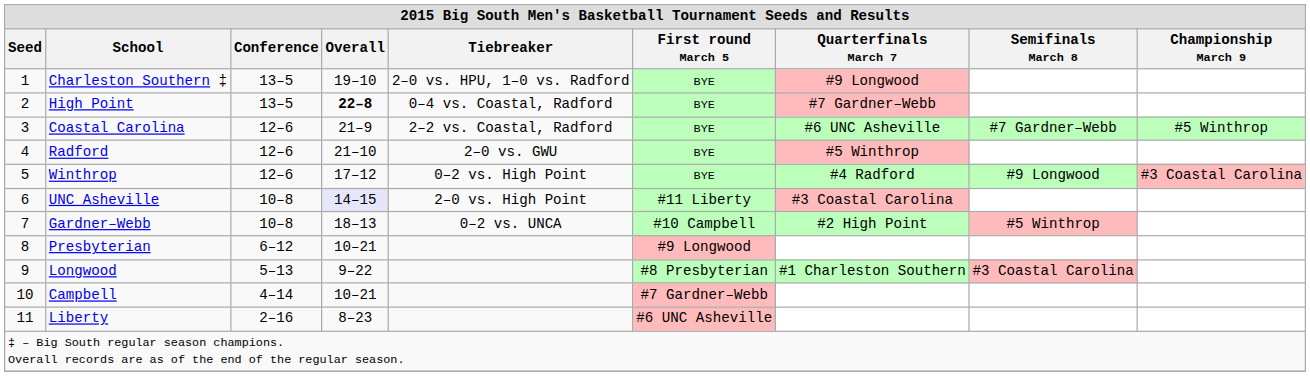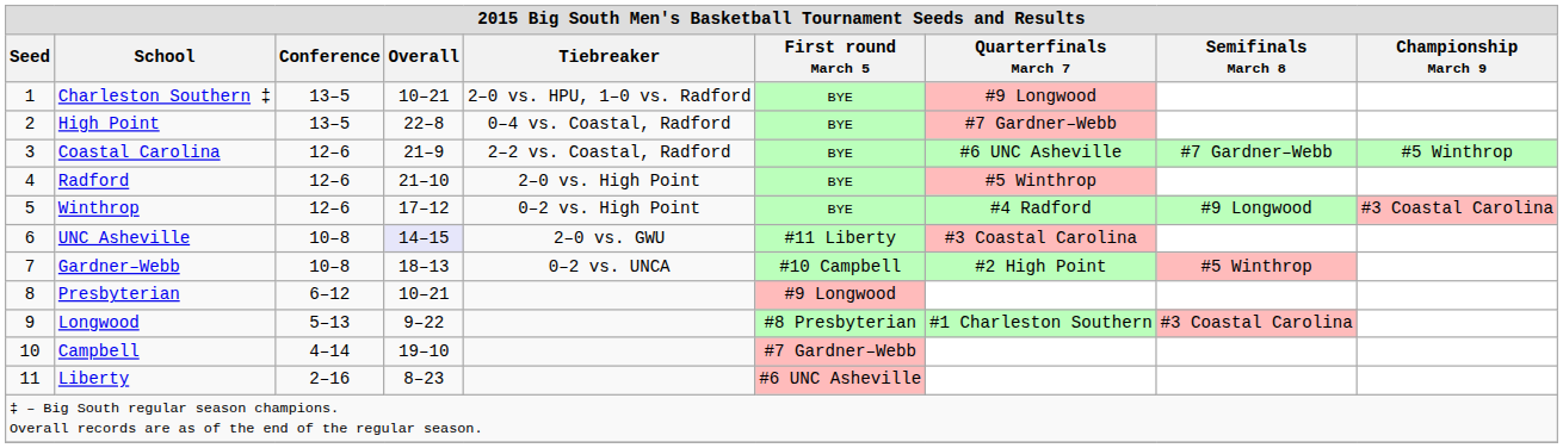 <table class="wikitable" style="white-space:nowrap; font-size:90%;text-align:center">
 <tr>
 <td colspan="9" style="background:#DDDDDD; font:#000000"><strong>2015 Big South Men's Basketball Tournament Seeds and Results</strong></td>
 </tr>
 <tr>
 <th>Seed</th>
 <th>School</th>
 <th>Conference</th>
 <th>Overall</th>
 <th>Tiebreaker</th>
 <th>First round<br><small>March 5</small></th>
 <th>Quarterfinals<br><small>March 7</small></th>
 <th>Semifinals<br><small>March 8</small></th>
 <th>Championship<br><small>March 9</small></th>
 </tr>
 <tr>
 <td>1</td>
 <td align=left><a href='#'>Charleston Southern</a> ‡</td>
 <td>13–5</td>
-<td>19–10</td>
+<td>10–21</td>
 <td>2–0 vs. HPU, 1–0 vs. Radford</td>
 <td style="background:#bfb;"><small>BYE</small></td>
 <td style="background:#fbb;">#9 Longwood</td>
 <td style="background:#fff;"></td>
 <td style="background:#fff;"></td>
 </tr>
 <tr>
 <td>2</td>
 <td align=left><a href='#'>High Point</a></td>
 <td>13–5</td>
-<td><strong>22–8</strong></td>
+<td>22–8</td>
 <td>0–4 vs. Coastal, Radford</td>
 <td style="background:#bfb;"><small>BYE</small></td>
 <td style="background:#fbb;">#7 Gardner–Webb</td>
 <td style="background:#fff;"></td>
 <td style="background:#fff;"></td>
 </tr>
 <tr>
 <td>3</td>
 <td align=left><a href='#'>Coastal Carolina</a></td>
 <td>12–6</td>
 <td>21–9</td>
 <td>2–2 vs. Coastal, Radford</td>
 <td style="background:#bfb;"><small>BYE</small></td>
 <td style="background:#bfb;">#6 UNC Asheville</td>
 <td style="background:#bfb;">#7 Gardner–Webb</td>
 <td style="background:#bfb;">#5 Winthrop</td>
 </tr>
 <tr>
 <td>4</td>
 <td align=left><a href='#'>Radford</a></td>
 <td>12–6</td>
 <td>21–10</td>
-<td>2–0 vs. GWU</td>
+<td>2–0 vs. High Point</td>
 <td style="background:#bfb;"><small>BYE</small></td>
 <td style="background:#fbb;">#5 Winthrop</td>
 <td style="background:#fff;"></td>
 <td style="background:#fff;"></td>
 </tr>
 <tr>
 <td>5</td>
 <td align=left><a href='#'>Winthrop</a></td>
 <td>12–6</td>
 <td>17–12</td>
 <td>0–2 vs. High Point</td>
 <td style="background:#bfb;"><small>BYE</small></td>
 <td style="background:#bfb;">#4 Radford</td>
 <td style="background:#bfb;">#9 Longwood</td>
 <td style="background:#fbb;">#3 Coastal Carolina</td>
 </tr>
 <tr>
 <td>6</td>
 <td align=left><a href='#'>UNC Asheville</a></td>
 <td>10–8</td>
 <td style="background: lavender;">14–15</td>
-<td>2–0 vs. High Point</td>
+<td>2–0 vs. GWU</td>
 <td style="background:#bfb;">#11 Liberty</td>
 <td style="background:#fbb;">#3 Coastal Carolina</td>
 <td style="background:#fff;"></td>
 <td style="background:#fff;"></td>
 </tr>
 <tr>
 <td>7</td>
 <td align=left><a href='#'>Gardner–Webb</a></td>
 <td>10–8</td>
 <td>18–13</td>
 <td>0–2 vs. UNCA</td>
 <td style="background:#bfb;">#10 Campbell</td>
 <td style="background:#bfb;">#2 High Point</td>
 <td style="background:#fbb;">#5 Winthrop</td>
 <td style="background:#fff;"></td>
 </tr>
 <tr>
 <td>8</td>
 <td align=left><a href='#'>Presbyterian</a></td>
 <td>6–12</td>
 <td>10–21</td>
 <td></td>
 <td style="background:#fbb;">#9 Longwood</td>
 <td style="background:#fff;"></td>
 <td style="background:#fff;"></td>
 <td style="background:#fff;"></td>
 </tr>
 <tr>
 <td>9</td>
 <td align=left><a href='#'>Longwood</a></td>
 <td>5–13</td>
 <td>9–22</td>
 <td></td>
 <td style="background:#bfb;">#8 Presbyterian</td>
 <td style="background:#bfb;">#1 Charleston Southern</td>
 <td style="background:#fbb;">#3 Coastal Carolina</td>
 <td style="background:#fff;"></td>
 </tr>
 <tr>
 <td>10</td>
 <td align=left><a href='#'>Campbell</a></td>
 <td>4–14</td>
-<td>10–21</td>
+<td>19–10</td>
 <td></td>
 <td style="background:#fbb;">#7 Gardner–Webb</td>
 <td style="background:#fff;"></td>
 <td style="background:#fff;"></td>
 <td style="background:#fff;"></td>
 </tr>
 <tr>
 <td>11</td>
 <td align=left><a href='#'>Liberty</a></td>
 <td>2–16</td>
 <td>8–23</td>
 <td></td>
 <td style="background:#fbb;">#6 UNC Asheville</td>
 <td style="background:#fff;"></td>
 <td style="background:#fff;"></td>
 <td style="background:#fff;"></td>
 </tr>
 <tr>
 <td colspan="9" align=left><small>‡ – Big South regular season champions.<br>Overall records are as of the end of the regular season.</small></td>
 </tr>
 <tr>
 </tr>
 </table>
